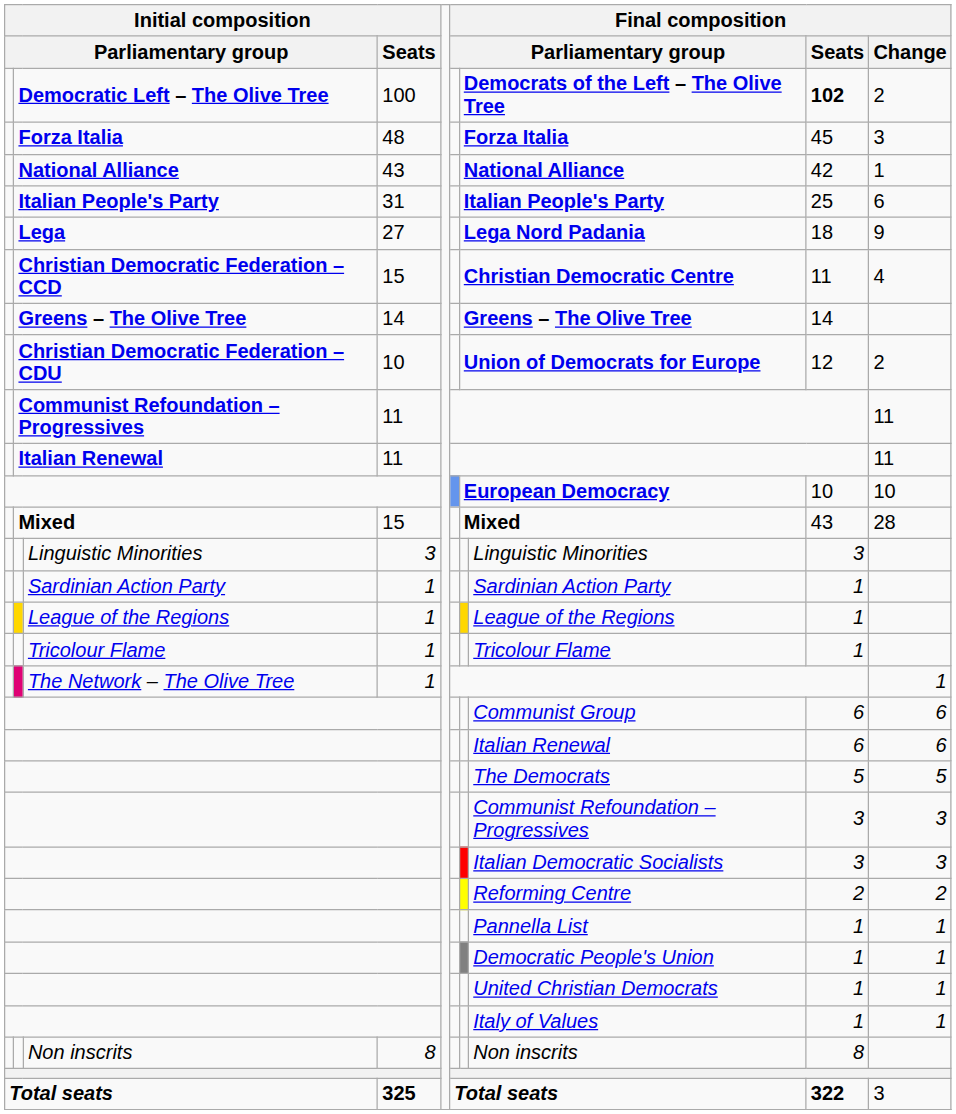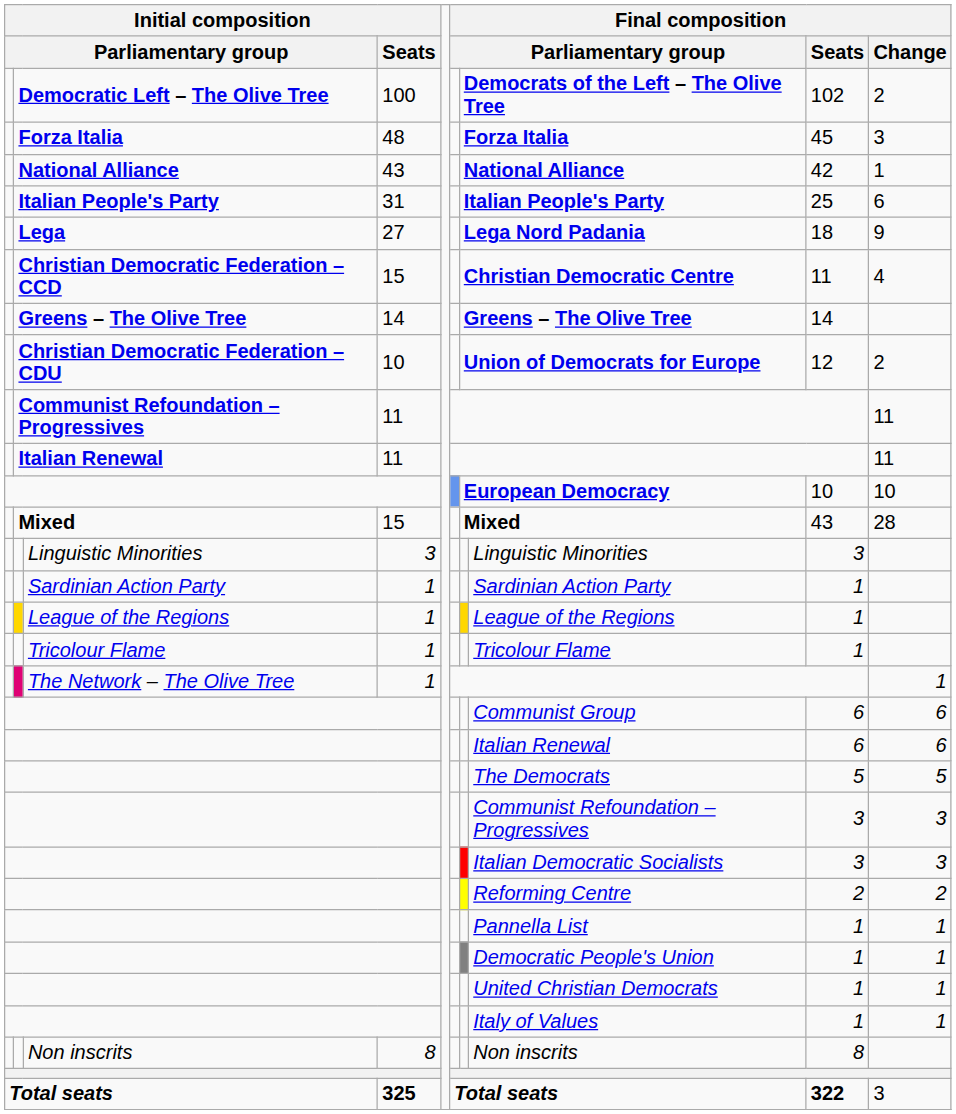 <table class="wikitable" style="width : 60%;">
 <tr>
 <th colspan="4">Initial composition</th>
 <td rowspan="32" style="width : 1%;"></td>
 <th colspan="5">Final composition</th>
 </tr>
 <tr>
 <th colspan="3">Parliamentary group</th>
 <th>Seats</th>
 <th colspan="3">Parliamentary group</th>
 <th>Seats</th>
 <th>Change</th>
 </tr>
 <tr>
 <td></td>
 <td colspan = "2"><strong><a href='#'>Democratic Left</a> – <a href='#'>The Olive Tree</a></strong></td>
 <td>100</td>
 <td></td>
 <td colspan = "2"><strong><a href='#'>Democrats of the Left</a> – <a href='#'>The Olive Tree</a></strong></td>
-<td><strong>102</strong></td>
+<td>102</td>
 <td> 2</td>
 </tr>
 <tr>
 <td></td>
 <td colspan = "2"><strong><a href='#'>Forza Italia</a></strong></td>
 <td>48</td>
 <td></td>
 <td colspan = "2"><strong><a href='#'>Forza Italia</a></strong></td>
 <td>45</td>
 <td> 3</td>
 </tr>
 <tr>
 <td></td>
 <td colspan = "2"><strong><a href='#'>National Alliance</a></strong></td>
 <td>43</td>
 <td></td>
 <td colspan = "2"><strong><a href='#'>National Alliance</a></strong></td>
 <td>42</td>
 <td> 1</td>
 </tr>
 <tr>
 <td></td>
 <td colspan = "2"><strong><a href='#'>Italian People's Party</a></strong></td>
 <td>31</td>
 <td></td>
 <td colspan = "2"><strong><a href='#'>Italian People's Party</a></strong></td>
 <td>25</td>
 <td> 6</td>
 </tr>
 <tr>
 <td></td>
 <td colspan = "2"><strong><a href='#'>Lega</a></strong></td>
 <td>27</td>
 <td></td>
 <td colspan = "2"><strong><a href='#'>Lega Nord Padania</a></strong></td>
 <td>18</td>
 <td> 9</td>
 </tr>
 <tr>
 <td></td>
 <td colspan = "2"><strong><a href='#'>Christian Democratic Federation – CCD</a></strong></td>
 <td>15</td>
 <td></td>
 <td colspan = "2"><strong><a href='#'>Christian Democratic Centre</a></strong></td>
 <td>11</td>
 <td> 4</td>
 </tr>
 <tr>
 <td></td>
 <td colspan = "2"><strong><a href='#'>Greens</a> – <a href='#'>The Olive Tree</a></strong></td>
 <td>14</td>
 <td></td>
 <td colspan = "2"><strong><a href='#'>Greens</a> – <a href='#'>The Olive Tree</a></strong></td>
 <td>14</td>
 <td></td>
 </tr>
 <tr>
 <td></td>
 <td colspan = "2"><strong><a href='#'>Christian Democratic Federation – CDU</a></strong></td>
 <td>10</td>
 <td></td>
 <td colspan = "2"><strong><a href='#'>Union of Democrats for Europe</a></strong></td>
 <td>12</td>
 <td> 2</td>
 </tr>
 <tr>
 <td></td>
 <td colspan = "2"><strong><a href='#'>Communist Refoundation – Progressives</a></strong></td>
 <td>11</td>
 <td colspan = "4"></td>
 <td> 11</td>
 </tr>
 <tr>
 <td></td>
 <td colspan = "2"><strong><a href='#'>Italian Renewal</a></strong></td>
 <td>11</td>
 <td colspan = "4"></td>
 <td> 11</td>
 </tr>
 <tr>
 <td colspan = "4"></td>
 <td bgcolor="#6495ed" width=1%></td>
 <td colspan = "2"><strong><a href='#'>European Democracy</a></strong></td>
 <td>10</td>
 <td> 10</td>
 </tr>
 <tr>
 <td></td>
 <td colspan = "2"><strong>Mixed</strong></td>
 <td>15</td>
 <td></td>
 <td colspan = "2"><strong>Mixed</strong></td>
 <td>43</td>
 <td> 28</td>
 </tr>
 <tr>
 <td></td>
 <td></td>
 <td><em>Linguistic Minorities</em></td>
 <td align="right"><em>3</em></td>
 <td></td>
 <td></td>
 <td><em>Linguistic Minorities</em></td>
 <td align="right"><em>3</em></td>
 <td align="right"></td>
 </tr>
 <tr>
 <td></td>
 <td></td>
 <td><em><a href='#'>Sardinian Action Party</a></em></td>
 <td align="right"><em>1</em></td>
 <td></td>
 <td></td>
 <td><em><a href='#'>Sardinian Action Party</a></em></td>
 <td align="right"><em>1</em></td>
 <td align="right"></td>
 </tr>
 <tr>
 <td></td>
 <td bgcolor="Gold" width=1%></td>
 <td><em><a href='#'>League of the Regions</a></em></td>
 <td align="right"><em>1</em></td>
 <td></td>
 <td bgcolor="Gold" width=1%></td>
 <td><em><a href='#'>League of the Regions</a></em></td>
 <td align="right"><em>1</em></td>
 <td align="right"></td>
 </tr>
 <tr>
 <td></td>
 <td></td>
 <td><em><a href='#'>Tricolour Flame</a></em></td>
 <td align="right"><em>1</em></td>
 <td></td>
 <td></td>
 <td><em><a href='#'>Tricolour Flame</a></em></td>
 <td align="right"><em>1</em></td>
 <td align="right"></td>
 </tr>
 <tr>
 <td></td>
 <td bgcolor="#DF0174" width=1%></td>
 <td><em><a href='#'>The Network</a> – <a href='#'>The Olive Tree</a></em></td>
 <td align="right"><em>1</em></td>
 <td colspan="4"></td>
 <td align="right"> <em>1</em></td>
 </tr>
 <tr>
 <td colspan="4"></td>
 <td></td>
 <td></td>
 <td><em><a href='#'>Communist Group</a></em></td>
 <td align="right"><em>6</em></td>
 <td align="right"> <em>6</em></td>
 </tr>
 <tr>
 <td colspan="4"></td>
 <td></td>
 <td></td>
 <td><em><a href='#'>Italian Renewal</a></em></td>
 <td align="right"><em>6</em></td>
 <td align="right"> <em>6</em></td>
 </tr>
 <tr>
 <td colspan="4"></td>
 <td></td>
 <td></td>
 <td><em><a href='#'>The Democrats</a></em></td>
 <td align="right"><em>5</em></td>
 <td align="right"> <em>5</em></td>
 </tr>
 <tr>
 <td colspan="4"></td>
 <td></td>
 <td></td>
 <td><em><a href='#'>Communist Refoundation – Progressives</a></em></td>
 <td align="right"><em>3</em></td>
 <td align="right"> <em>3</em></td>
 </tr>
 <tr>
 <td colspan="4"></td>
 <td></td>
 <td bgcolor="red" width=1%></td>
 <td><em><a href='#'>Italian Democratic Socialists</a></em></td>
 <td align="right"><em>3</em></td>
 <td align="right"> <em>3</em></td>
 </tr>
 <tr>
 <td colspan="4"></td>
 <td></td>
 <td bgcolor="yellow" width=1%></td>
 <td><em><a href='#'>Reforming Centre</a></em></td>
 <td align="right"><em>2</em></td>
 <td align="right"> <em>2</em></td>
 </tr>
 <tr>
 <td colspan="4"></td>
 <td></td>
 <td></td>
 <td><em><a href='#'>Pannella List</a></em></td>
 <td align="right"><em>1</em></td>
 <td align="right"> <em>1</em></td>
 </tr>
 <tr>
 <td colspan="4"></td>
 <td></td>
 <td bgcolor="grey" width=1%></td>
 <td><em><a href='#'>Democratic People's Union</a></em></td>
 <td align="right"><em>1</em></td>
 <td align="right"> <em>1</em></td>
 </tr>
 <tr>
 <td colspan="4"></td>
 <td></td>
 <td></td>
 <td><em><a href='#'>United Christian Democrats</a></em></td>
 <td align="right"><em>1</em></td>
 <td align="right"> <em>1</em></td>
 </tr>
 <tr>
 <td colspan="4"></td>
 <td></td>
 <td></td>
 <td><em><a href='#'>Italy of Values</a></em></td>
 <td align="right"><em>1</em></td>
 <td align="right"> <em>1</em></td>
 </tr>
 <tr>
 <td></td>
 <td></td>
 <td><em>Non inscrits</em></td>
 <td align="right"><em>8</em></td>
 <td></td>
 <td></td>
 <td><em>Non inscrits</em></td>
 <td align="right"><em>8</em></td>
 <td align="right"></td>
 </tr>
 <tr>
 <th colspan="4"></th>
 <th colspan="5"></th>
 </tr>
 <tr>
 <td colspan="3"><strong><em>Total seats</em></strong></td>
 <td><strong>325</strong></td>
 <td colspan="3"><strong><em>Total seats</em></strong></td>
 <td><strong>322</strong></td>
 <td> 3</td>
 </tr>
 <tr>
 </tr>
 </table>
